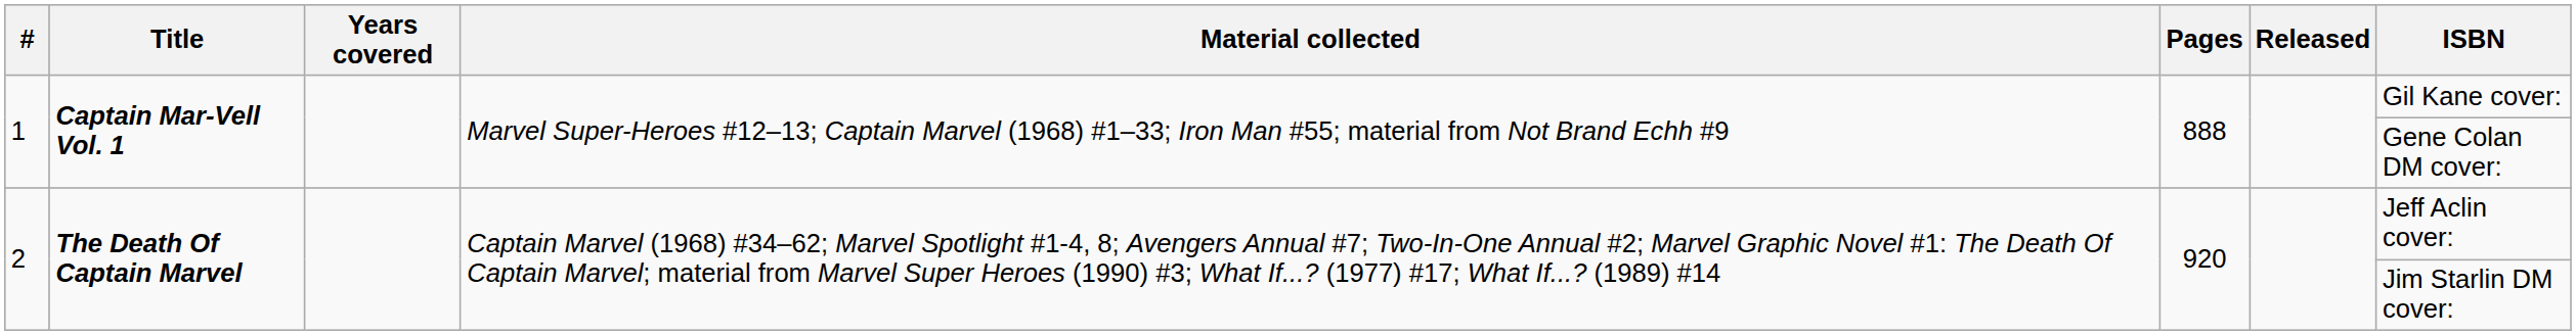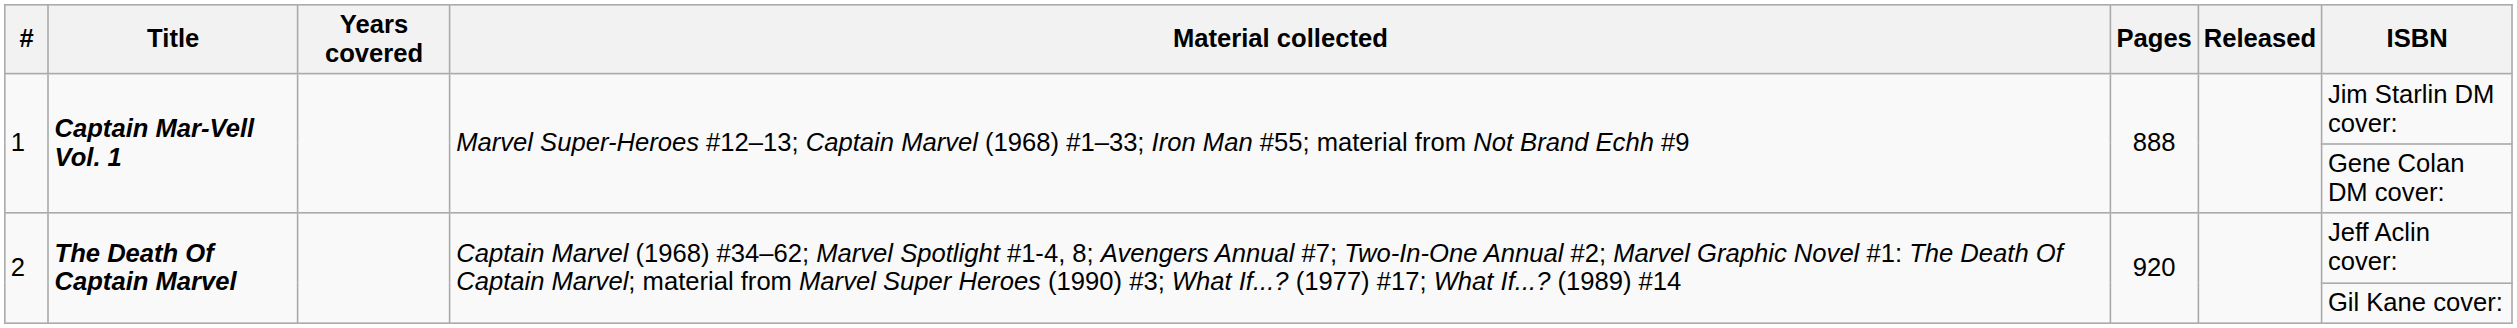 <table class="wikitable sortable" width="99%">
 <tr>
 <th class="unsortable" width="20px">#</th>
 <th>Title</th>
 <th>Years covered</th>
 <th class="unsortable">Material collected</th>
 <th>Pages</th>
 <th>Released</th>
 <th class="unsortable">ISBN</th>
 </tr>
 <tr>
 <td rowspan=2>1</td>
 <td rowspan=2><strong><em>Captain Mar-Vell Vol. 1</em></strong></td>
 <td rowspan=2></td>
 <td rowspan=2><em>Marvel Super-Heroes</em> #12–13; <em>Captain Marvel</em> (1968) #1–33; <em>Iron Man</em> #55; material from <em>Not Brand Echh</em> #9</td>
 <td rowspan=2 style="text-align: center;">888</td>
 <td rowspan=2></td>
-<td>Gil Kane cover: </td>
+<td>Jim Starlin DM cover: </td>
 </tr>
 <tr>
 <td>Gene Colan DM cover: </td>
 </tr>
 <tr>
 <td rowspan=2>2</td>
 <td rowspan=2><strong><em>The Death Of Captain Marvel</em></strong></td>
 <td rowspan=2></td>
 <td rowspan=2><em>Captain Marvel</em> (1968) #34–62; <em>Marvel Spotlight</em> #1-4, 8; <em>Avengers Annual</em> #7; <em>Two-In-One Annual</em> #2; <em>Marvel Graphic Novel</em> #1: <em>The Death Of Captain Marvel</em>; material from <em>Marvel Super Heroes</em> (1990) #3; <em>What If...?</em> (1977) #17; <em>What If...?</em> (1989) #14</td>
 <td rowspan=2 style="text-align: center;">920</td>
 <td rowspan=2></td>
 <td>Jeff Aclin cover: </td>
 </tr>
 <tr>
-<td>Jim Starlin DM cover: </td>
+<td>Gil Kane cover: </td>
 </tr>
 </table>
